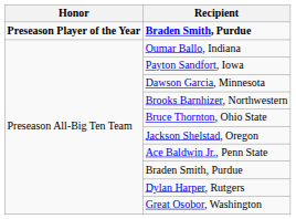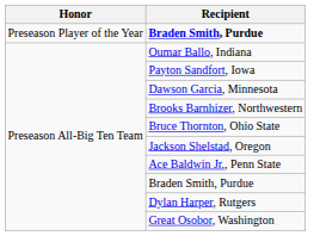 <table class="wikitable" border="1">
 <tr>
 <th>Honor</th>
 <th>Recipient</th>
 </tr>
 <tr>
-<td><strong>Preseason Player of the Year</strong></td>
+<td>Preseason Player of the Year</td>
 <td><strong><a href='#'>Braden Smith</a>, Purdue</strong></td>
 </tr>
 <tr>
 <td rowspan="10" valign="middle">Preseason All-Big Ten Team</td>
 <td><a href='#'>Oumar Ballo</a>, Indiana</td>
 </tr>
 <tr>
 <td><a href='#'>Payton Sandfort</a>, Iowa</td>
 </tr>
 <tr>
 <td><a href='#'>Dawson Garcia</a>, Minnesota</td>
 </tr>
 <tr>
 <td><a href='#'>Brooks Barnhizer</a>, Northwestern</td>
 </tr>
 <tr>
 <td><a href='#'>Bruce Thornton</a>, Ohio State</td>
 </tr>
 <tr>
 <td><a href='#'>Jackson Shelstad</a>, Oregon</td>
 </tr>
 <tr>
 <td><a href='#'>Ace Baldwin Jr.</a>, Penn State</td>
 </tr>
 <tr>
 <td>Braden Smith, Purdue</td>
 </tr>
 <tr>
 <td><a href='#'>Dylan Harper</a>, Rutgers</td>
 </tr>
 <tr>
 <td><a href='#'>Great Osobor</a>, Washington</td>
 </tr>
 </table>
